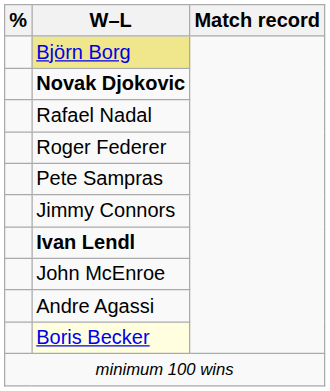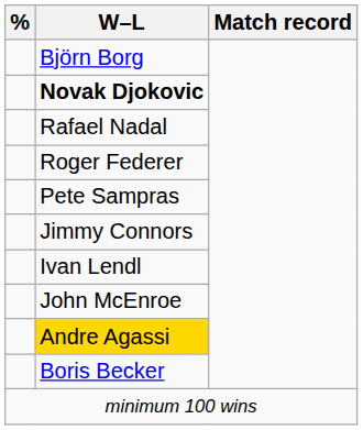 <table class="wikitable" style="display:inline-table;">
 <tr>
 <th>%</th>
 <th>W–L</th>
 <th>Match record</th>
 </tr>
 <tr>
 <td></td>
-<td style="background: khaki;"> <a href='#'>Björn Borg</a></td>
+<td> <a href='#'>Björn Borg</a></td>
 </tr>
 <tr>
 <td></td>
 <td> <strong>Novak Djokovic</strong></td>
 </tr>
 <tr>
 <td></td>
 <td> Rafael Nadal</td>
 </tr>
 <tr>
 <td></td>
 <td> Roger Federer</td>
 </tr>
 <tr>
 <td></td>
 <td> Pete Sampras</td>
 </tr>
 <tr>
 <td></td>
 <td> Jimmy Connors</td>
 </tr>
 <tr>
 <td></td>
-<td><strong> Ivan Lendl</strong></td>
+<td> Ivan Lendl</td>
 </tr>
 <tr>
 <td></td>
 <td> John McEnroe</td>
 </tr>
 <tr>
 <td></td>
-<td> Andre Agassi</td>
+<td style="background: gold;"> Andre Agassi</td>
 </tr>
 <tr>
 <td></td>
-<td style="background: lightyellow;"> <a href='#'>Boris Becker</a></td>
+<td> <a href='#'>Boris Becker</a></td>
 </tr>
 <tr>
 <td colspan="4" style="text-align: center;"><small><em>minimum 100 wins</em></small><br></td>
 </tr>
 </table>
